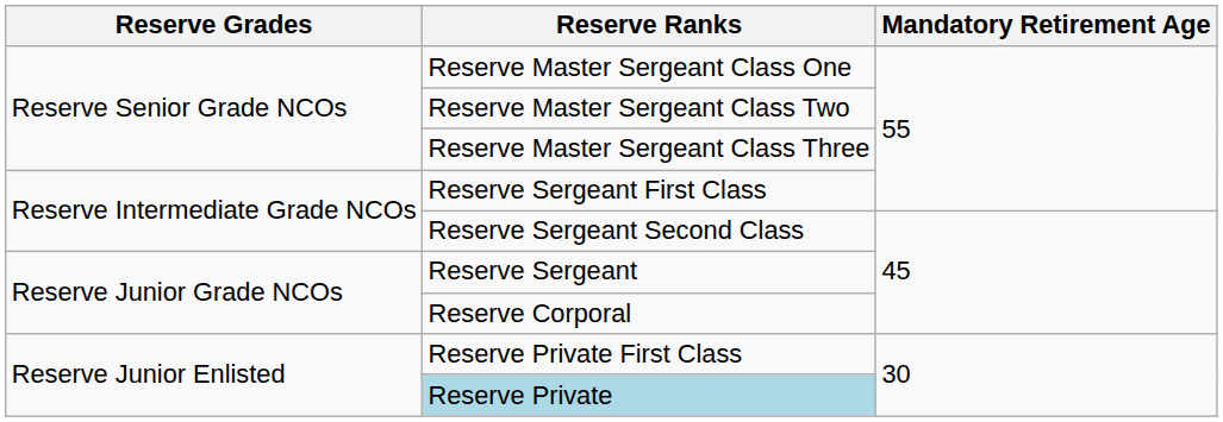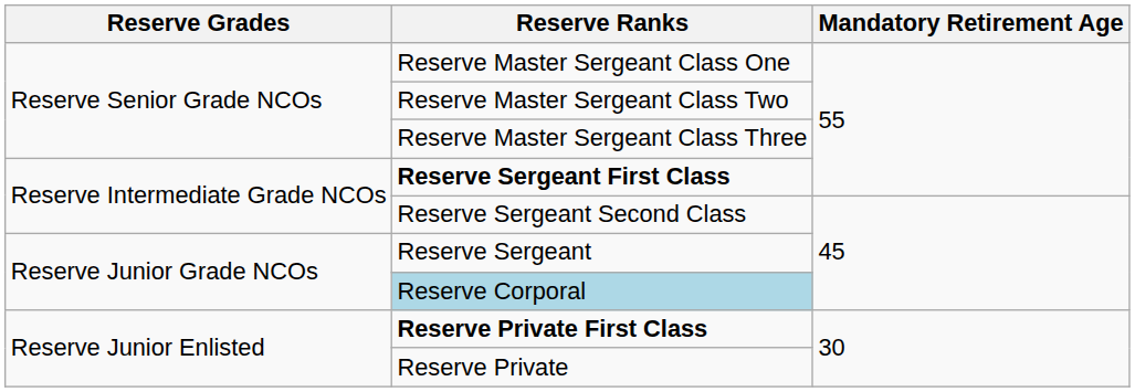 <table class="wikitable">
 <tr>
 <th>Reserve Grades</th>
 <th>Reserve Ranks</th>
 <th>Mandatory Retirement Age</th>
 </tr>
 <tr>
 <td rowspan="3">Reserve Senior Grade NCOs</td>
 <td>Reserve Master Sergeant Class One</td>
 <td rowspan="4">55</td>
 </tr>
 <tr>
 <td>Reserve Master Sergeant Class Two</td>
 </tr>
 <tr>
 <td>Reserve Master Sergeant Class Three</td>
 </tr>
 <tr>
 <td rowspan="2">Reserve Intermediate Grade NCOs</td>
-<td>Reserve Sergeant First Class</td>
+<td><strong>Reserve Sergeant First Class</strong></td>
 </tr>
 <tr>
 <td>Reserve Sergeant Second Class</td>
 <td rowspan="3">45</td>
 </tr>
 <tr>
 <td rowspan="2">Reserve Junior Grade NCOs</td>
 <td>Reserve Sergeant</td>
 </tr>
 <tr>
-<td>Reserve Corporal</td>
+<td style="background: lightblue;">Reserve Corporal</td>
 </tr>
 <tr>
 <td rowspan="2">Reserve Junior Enlisted</td>
-<td>Reserve Private First Class</td>
+<td><strong>Reserve Private First Class</strong></td>
 <td rowspan="2">30</td>
 </tr>
 <tr>
-<td style="background: lightblue;">Reserve Private</td>
+<td>Reserve Private</td>
 </tr>
 </table>
